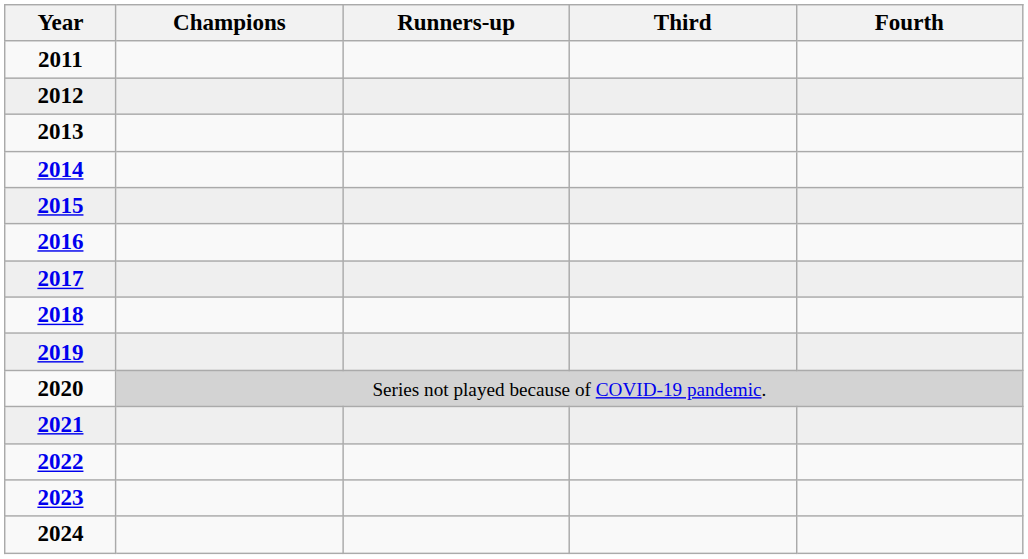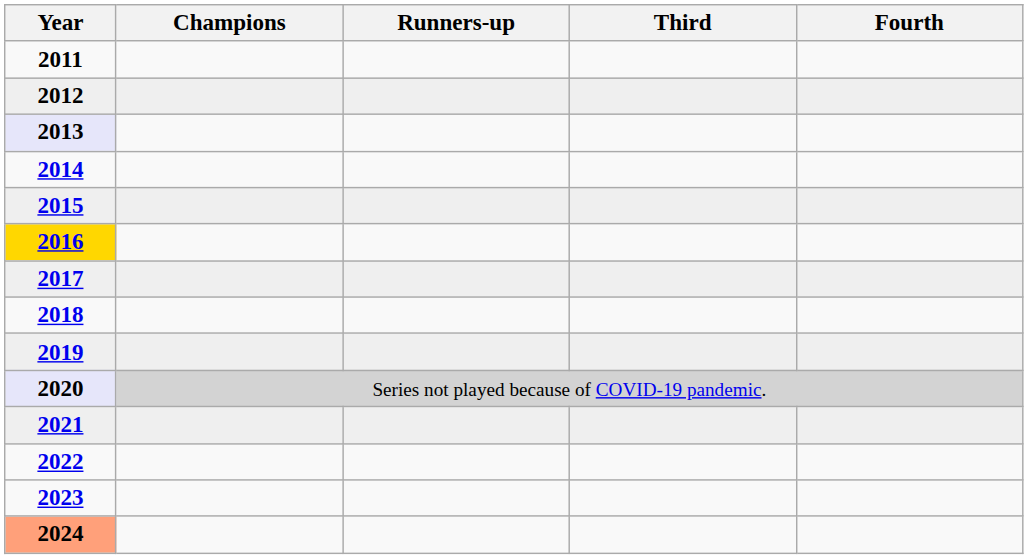 <table class="wikitable centre" style="text-align:center;">
 <tr>
 <th scope="col" style="width:70px;">Year</th>
 <th scope="col" style="width:150px;">Champions</th>
 <th scope="col" style="width:150px;">Runners-up</th>
 <th scope="col" style="width:150px;">Third</th>
 <th scope="col" style="width:150px;">Fourth</th>
 </tr>
 <tr>
 <td><strong>2011</strong></td>
 <td><strong></strong></td>
 <td></td>
 <td></td>
 <td></td>
 </tr>
 <tr style="background:#EFEFEF">
 <td><strong>2012</strong></td>
 <td><strong></strong></td>
 <td></td>
 <td></td>
 <td></td>
 </tr>
 <tr>
-<td><strong>2013</strong></td>
+<td style="background: lavender;"><strong>2013</strong></td>
 <td><strong></strong></td>
 <td></td>
 <td></td>
 <td></td>
 </tr>
 <tr>
 <td><strong><a href='#'>2014</a></strong></td>
 <td><strong></strong></td>
 <td></td>
 <td></td>
 <td></td>
 </tr>
 <tr style="background:#EFEFEF">
 <td><strong><a href='#'>2015</a></strong></td>
 <td><strong></strong></td>
 <td></td>
 <td></td>
 <td></td>
 </tr>
 <tr>
-<td><strong><a href='#'>2016</a></strong></td>
+<td style="background: gold;"><strong><a href='#'>2016</a></strong></td>
 <td><strong></strong></td>
 <td></td>
 <td></td>
 <td></td>
 </tr>
 <tr style="background:#EFEFEF">
 <td><strong><a href='#'>2017</a></strong></td>
 <td><strong></strong></td>
 <td></td>
 <td></td>
 <td></td>
 </tr>
 <tr>
 <td><strong><a href='#'>2018</a></strong></td>
 <td><strong></strong></td>
 <td></td>
 <td></td>
 <td></td>
 </tr>
 <tr style="background:#EFEFEF">
 <td><strong><a href='#'>2019</a></strong></td>
 <td><strong></strong></td>
 <td></td>
 <td></td>
 <td></td>
 </tr>
 <tr>
-<td style="text-align:center;font-weight:bold">2020</td>
+<td style="background: lavender; text-align:center;font-weight:bold">2020</td>
 <td align=center colspan=12 rowspan=1 bgcolor="#D3D3D3"><small>Series not played because of <a href='#'>COVID-19 pandemic</a>.</small></td>
 </tr>
 <tr style="background:#EFEFEF">
 <td><strong><a href='#'>2021</a></strong></td>
 <td><strong></strong></td>
 <td></td>
 <td></td>
 <td></td>
 </tr>
 <tr>
 <td><strong><a href='#'>2022</a></strong></td>
 <td><strong></strong></td>
 <td></td>
 <td></td>
 <td></td>
 </tr>
 <tr>
 <td><a href='#'><strong>2023</strong></a></td>
 <td><strong></strong></td>
 <td></td>
 <td></td>
 <td></td>
 </tr>
 <tr>
-<td><strong>2024</strong></td>
+<td style="background: lightsalmon;"><strong>2024</strong></td>
 <td><strong></strong></td>
 <td></td>
 <td></td>
 <td></td>
 </tr>
 </table>
